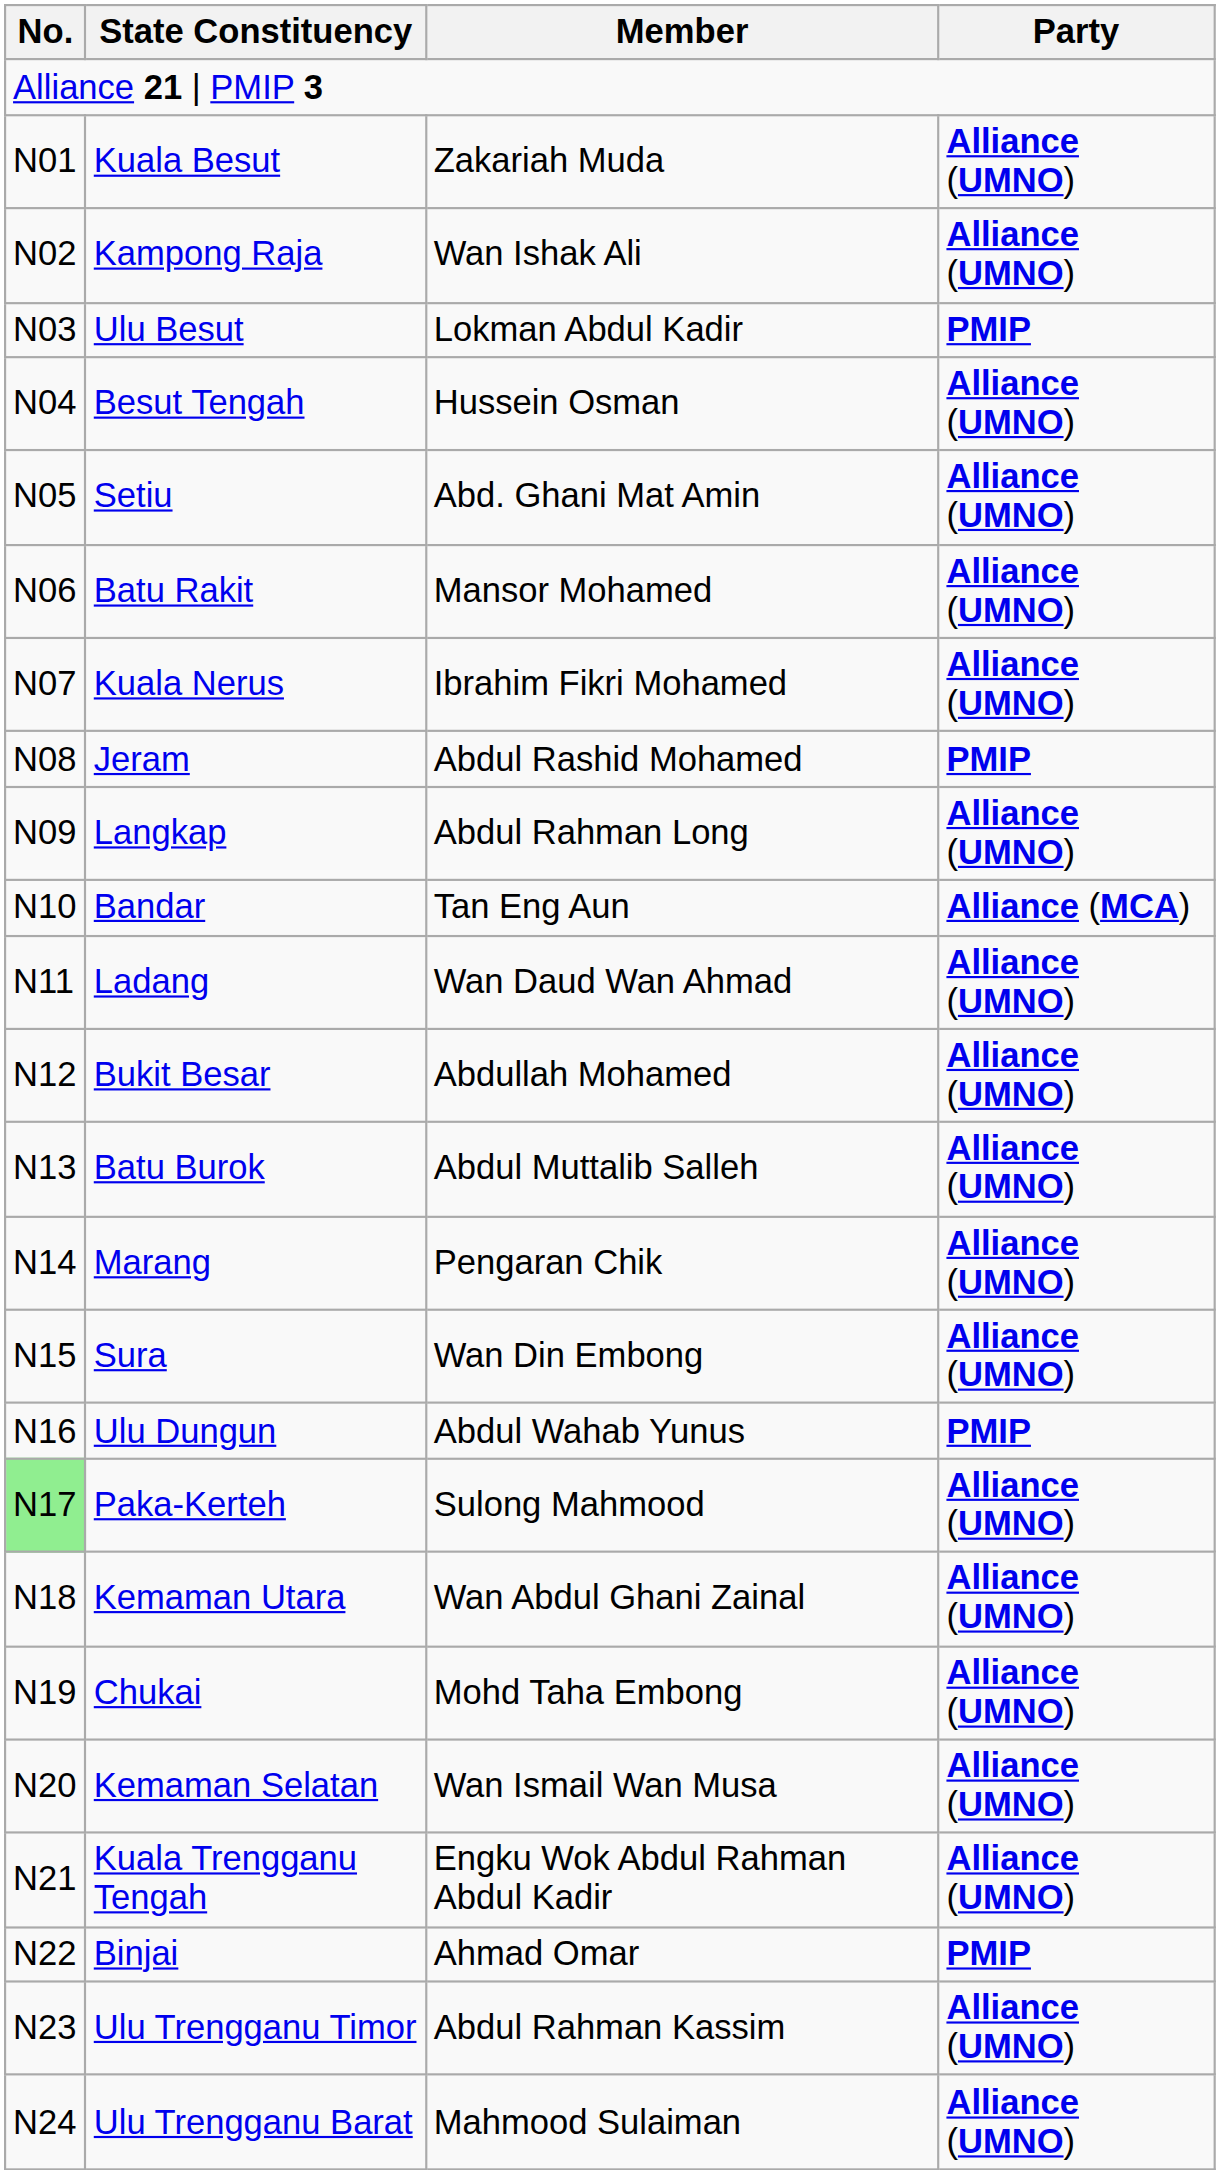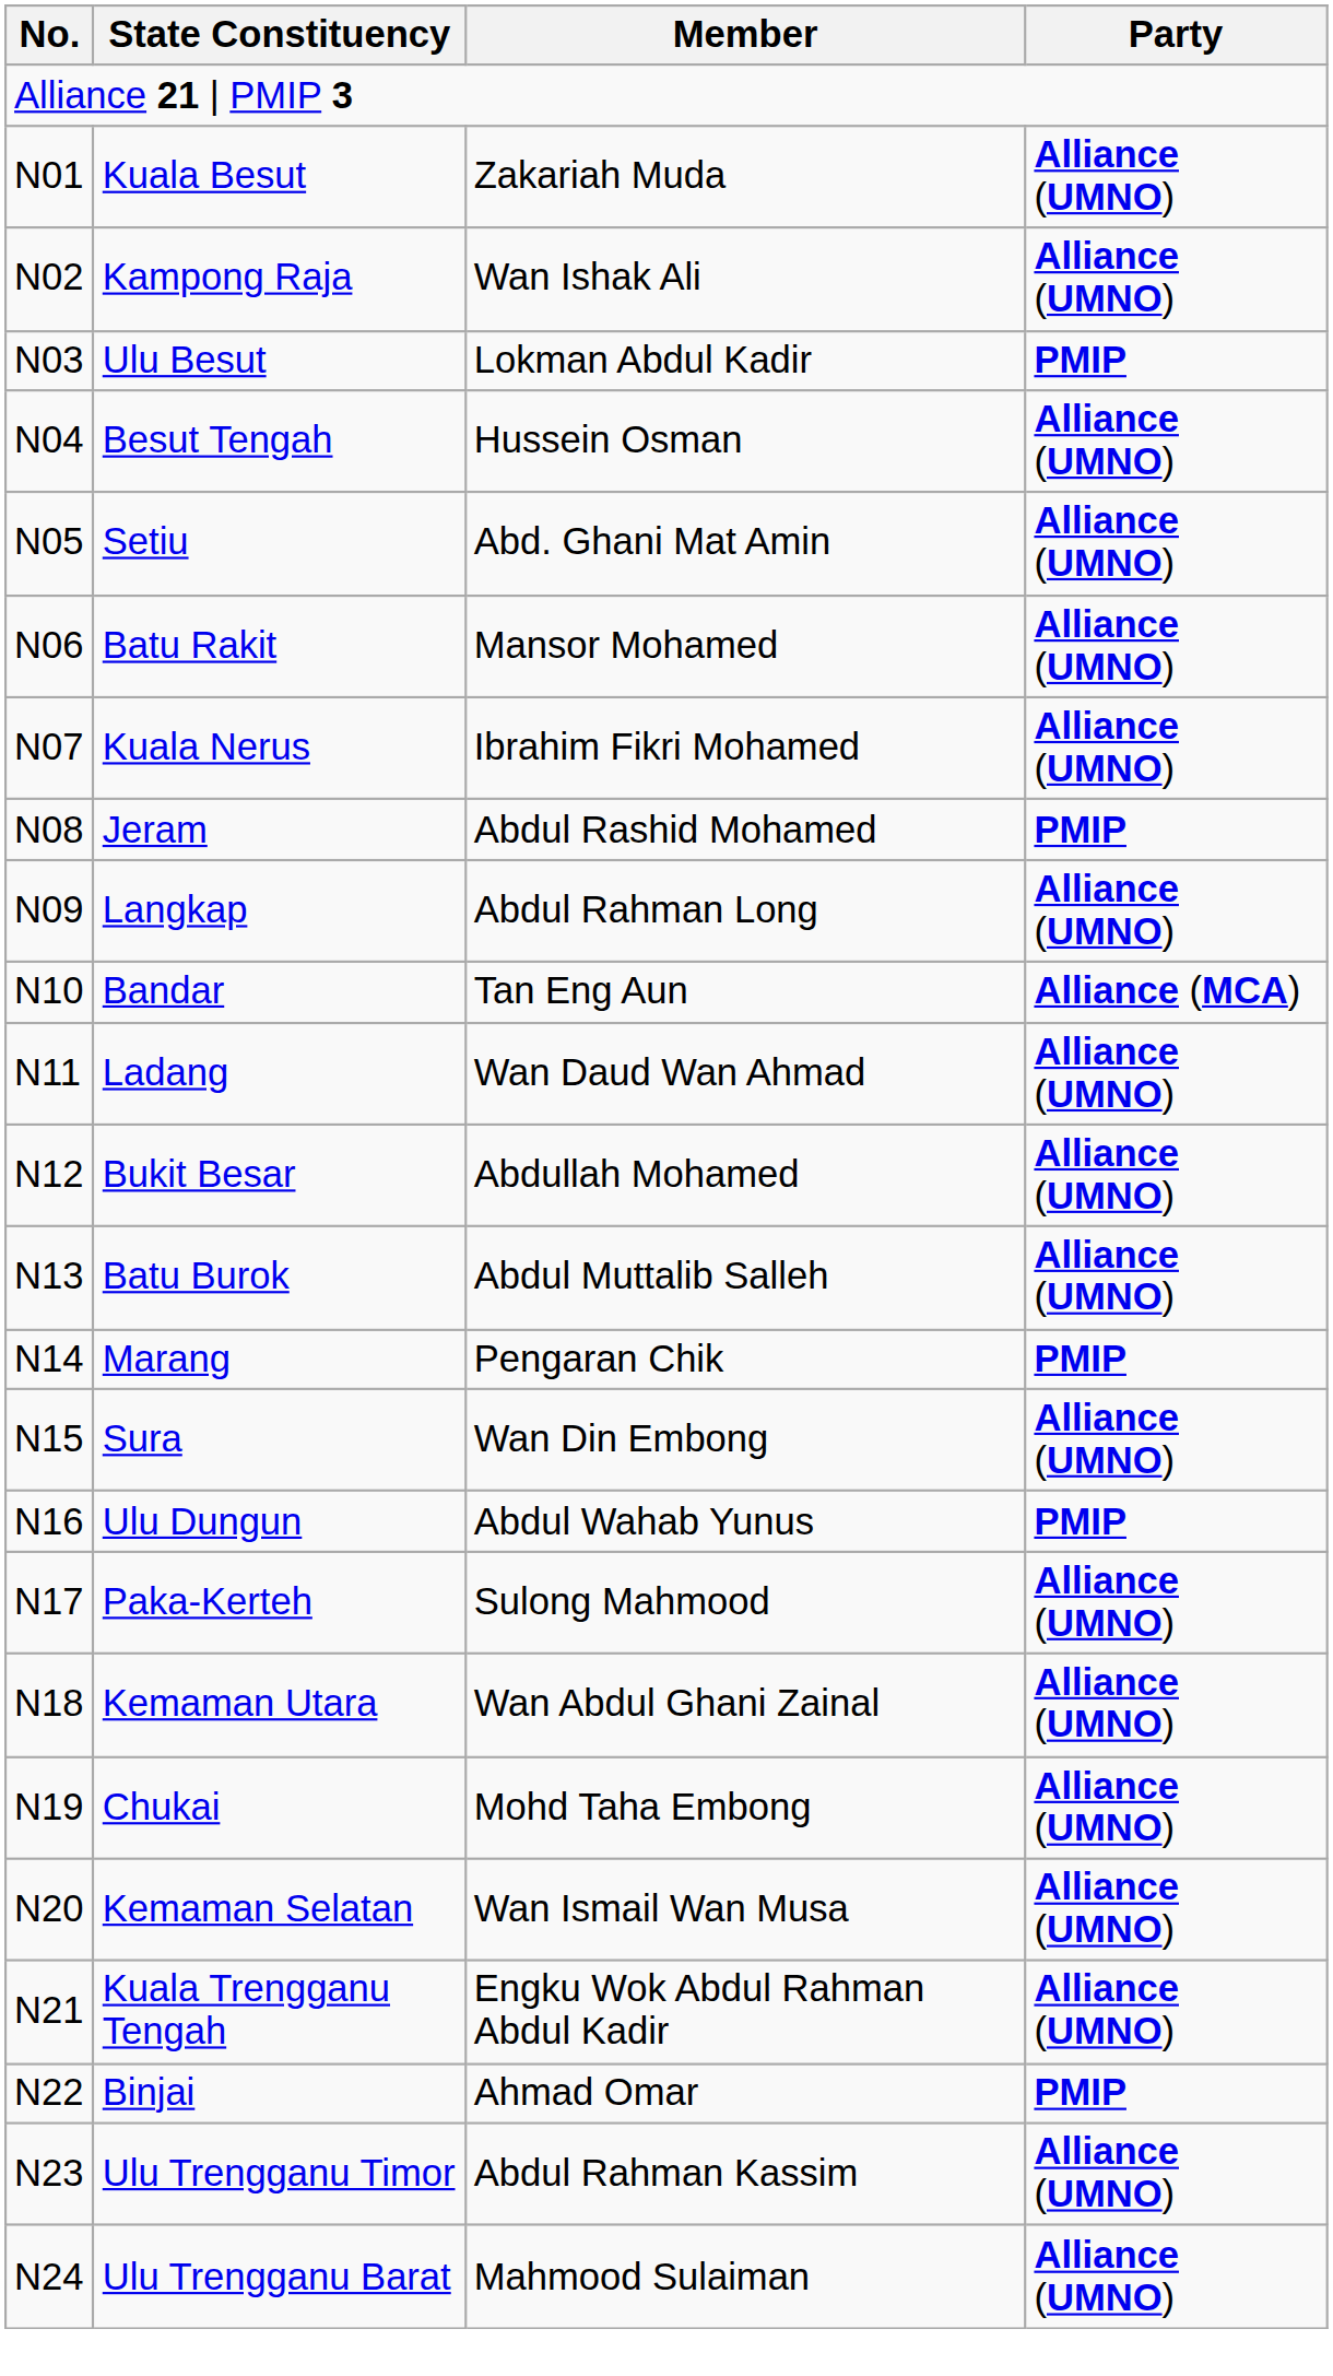 <table class="wikitable sortable">
 <tr>
 <th style="width:30px;">No.</th>
 <th style="width:150px;">State Constituency</th>
 <th style="width:230px;">Member</th>
 <th style="width:120px;">Party</th>
 </tr>
 <tr>
 <td colspan="4"><a href='#'>Alliance</a> <strong>21</strong> | <a href='#'>PMIP</a> <strong>3</strong></td>
 </tr>
 <tr>
 <td>N01</td>
 <td><a href='#'>Kuala Besut</a></td>
 <td>Zakariah Muda</td>
 <td><strong><a href='#'>Alliance</a></strong> (<strong><a href='#'>UMNO</a></strong>)</td>
 </tr>
 <tr>
 <td>N02</td>
 <td><a href='#'>Kampong Raja</a></td>
 <td>Wan Ishak Ali</td>
 <td><strong><a href='#'>Alliance</a></strong> (<strong><a href='#'>UMNO</a></strong>)</td>
 </tr>
 <tr>
 <td>N03</td>
 <td><a href='#'>Ulu Besut</a></td>
 <td>Lokman Abdul Kadir</td>
 <td><strong><a href='#'>PMIP</a></strong></td>
 </tr>
 <tr>
 <td>N04</td>
 <td><a href='#'>Besut Tengah</a></td>
 <td>Hussein Osman</td>
 <td><strong><a href='#'>Alliance</a></strong> (<strong><a href='#'>UMNO</a></strong>)</td>
 </tr>
 <tr>
 <td>N05</td>
 <td><a href='#'>Setiu</a></td>
 <td>Abd. Ghani Mat Amin</td>
 <td><strong><a href='#'>Alliance</a></strong> (<strong><a href='#'>UMNO</a></strong>)</td>
 </tr>
 <tr>
 <td>N06</td>
 <td><a href='#'>Batu Rakit</a></td>
 <td>Mansor Mohamed</td>
 <td><strong><a href='#'>Alliance</a></strong> (<strong><a href='#'>UMNO</a></strong>)</td>
 </tr>
 <tr>
 <td>N07</td>
 <td><a href='#'>Kuala Nerus</a></td>
 <td>Ibrahim Fikri Mohamed</td>
 <td><strong><a href='#'>Alliance</a></strong> (<strong><a href='#'>UMNO</a></strong>)</td>
 </tr>
 <tr>
 <td>N08</td>
 <td><a href='#'>Jeram</a></td>
 <td>Abdul Rashid Mohamed</td>
 <td><strong><a href='#'>PMIP</a></strong></td>
 </tr>
 <tr>
 <td>N09</td>
 <td><a href='#'>Langkap</a></td>
 <td>Abdul Rahman Long</td>
 <td><strong><a href='#'>Alliance</a></strong> (<strong><a href='#'>UMNO</a></strong>)</td>
 </tr>
 <tr>
 <td>N10</td>
 <td><a href='#'>Bandar</a></td>
 <td>Tan Eng Aun</td>
 <td><strong><a href='#'>Alliance</a></strong> (<strong><a href='#'>MCA</a></strong>)</td>
 </tr>
 <tr>
 <td>N11</td>
 <td><a href='#'>Ladang</a></td>
 <td>Wan Daud Wan Ahmad</td>
 <td><strong><a href='#'>Alliance</a></strong> (<strong><a href='#'>UMNO</a></strong>)</td>
 </tr>
 <tr>
 <td>N12</td>
 <td><a href='#'>Bukit Besar</a></td>
 <td>Abdullah Mohamed</td>
 <td><strong><a href='#'>Alliance</a></strong> (<strong><a href='#'>UMNO</a></strong>)</td>
 </tr>
 <tr>
 <td>N13</td>
 <td><a href='#'>Batu Burok</a></td>
 <td>Abdul Muttalib Salleh</td>
 <td><strong><a href='#'>Alliance</a></strong> (<strong><a href='#'>UMNO</a></strong>)</td>
 </tr>
 <tr>
 <td>N14</td>
 <td><a href='#'>Marang</a></td>
 <td>Pengaran Chik</td>
-<td><strong><a href='#'>Alliance</a></strong> (<strong><a href='#'>UMNO</a></strong>)</td>
+<td><strong><a href='#'>PMIP</a></strong></td>
 </tr>
 <tr>
 <td>N15</td>
 <td><a href='#'>Sura</a></td>
 <td>Wan Din Embong</td>
 <td><strong><a href='#'>Alliance</a></strong> (<strong><a href='#'>UMNO</a></strong>)</td>
 </tr>
 <tr>
 <td>N16</td>
 <td><a href='#'>Ulu Dungun</a></td>
 <td>Abdul Wahab Yunus</td>
 <td><strong><a href='#'>PMIP</a></strong></td>
 </tr>
 <tr>
-<td style="background: lightgreen;">N17</td>
+<td>N17</td>
 <td><a href='#'>Paka-Kerteh</a></td>
 <td>Sulong Mahmood</td>
 <td><strong><a href='#'>Alliance</a></strong> (<strong><a href='#'>UMNO</a></strong>)</td>
 </tr>
 <tr>
 <td>N18</td>
 <td><a href='#'>Kemaman Utara</a></td>
 <td>Wan Abdul Ghani Zainal</td>
 <td><strong><a href='#'>Alliance</a></strong> (<strong><a href='#'>UMNO</a></strong>)</td>
 </tr>
 <tr>
 <td>N19</td>
 <td><a href='#'>Chukai</a></td>
 <td>Mohd Taha Embong</td>
 <td><strong><a href='#'>Alliance</a></strong> (<strong><a href='#'>UMNO</a></strong>)</td>
 </tr>
 <tr>
 <td>N20</td>
 <td><a href='#'>Kemaman Selatan</a></td>
 <td>Wan Ismail Wan Musa</td>
 <td><strong><a href='#'>Alliance</a></strong> (<strong><a href='#'>UMNO</a></strong>)</td>
 </tr>
 <tr>
 <td>N21</td>
 <td><a href='#'>Kuala Trengganu Tengah</a></td>
 <td>Engku Wok Abdul Rahman Abdul Kadir</td>
 <td><strong><a href='#'>Alliance</a></strong> (<strong><a href='#'>UMNO</a></strong>)</td>
 </tr>
 <tr>
 <td>N22</td>
 <td><a href='#'>Binjai</a></td>
 <td>Ahmad Omar</td>
 <td><strong><a href='#'>PMIP</a></strong></td>
 </tr>
 <tr>
 <td>N23</td>
 <td><a href='#'>Ulu Trengganu Timor</a></td>
 <td>Abdul Rahman Kassim</td>
 <td><strong><a href='#'>Alliance</a></strong> (<strong><a href='#'>UMNO</a></strong>)</td>
 </tr>
 <tr>
 <td>N24</td>
 <td><a href='#'>Ulu Trengganu Barat</a></td>
 <td>Mahmood Sulaiman</td>
 <td><strong><a href='#'>Alliance</a></strong> (<strong><a href='#'>UMNO</a></strong>)</td>
 </tr>
 </table>
